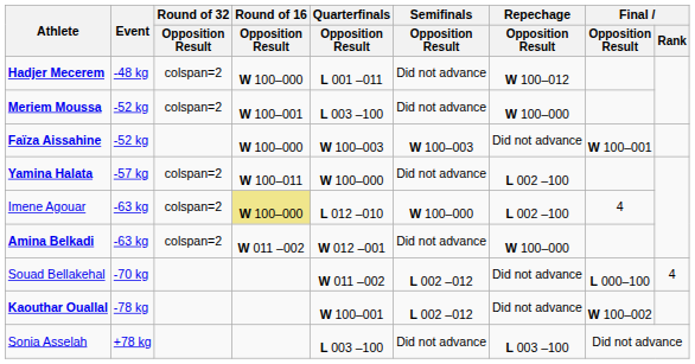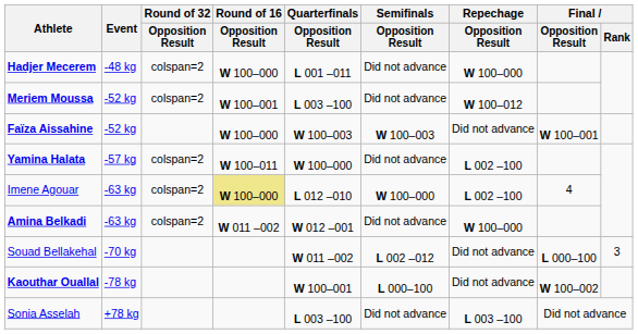 <table class="wikitable" style="font-size:90%">
 <tr>
 <th rowspan="2">Athlete</th>
 <th rowspan="2">Event</th>
 <th>Round of 32</th>
 <th>Round of 16</th>
 <th>Quarterfinals</th>
 <th>Semifinals</th>
 <th>Repechage</th>
 <th colspan=2>Final / </th>
 </tr>
 <tr style="font-size:95%">
 <th>Opposition<br>Result</th>
 <th>Opposition<br>Result</th>
 <th>Opposition<br>Result</th>
 <th>Opposition<br>Result</th>
 <th>Opposition<br>Result</th>
 <th>Opposition<br>Result</th>
 <th>Rank</th>
 </tr>
 <tr align=center>
 <td align=left><strong><a href='#'>Hadjer Mecerem</a></strong></td>
 <td align=left><a href='#'>-48 kg</a></td>
 <td>colspan=2 </td>
 <td><br><strong>W</strong> 100–000</td>
 <td><br><strong>L</strong> 001 –011 </td>
 <td>Did not advance</td>
-<td><br><strong>W</strong> 100–012 </td>
+<td><br><strong>W</strong> 100–000</td>
 <td></td>
 </tr>
 <tr align=center>
 <td align=left><strong><a href='#'>Meriem Moussa</a></strong></td>
 <td align=left><a href='#'>-52 kg</a></td>
 <td>colspan=2 </td>
 <td><br><strong>W</strong> 100–001 </td>
 <td><br><strong>L</strong> 003 –100</td>
 <td>Did not advance</td>
-<td><br><strong>W</strong> 100–000</td>
+<td><br><strong>W</strong> 100–012 </td>
 <td></td>
 </tr>
 <tr align=center>
 <td align=left><strong><a href='#'>Faïza Aissahine</a></strong></td>
 <td align=left><a href='#'>-52 kg</a></td>
 <td></td>
 <td><br><strong>W</strong> 100–000</td>
 <td><br><strong>W</strong> 100–003 </td>
 <td><br><strong>W</strong> 100–003 </td>
 <td>Did not advance</td>
 <td><br><strong>W</strong> 100–001 </td>
 <td></td>
 </tr>
 <tr align=center>
 <td align=left><strong><a href='#'>Yamina Halata</a></strong></td>
 <td align=left><a href='#'>-57 kg</a></td>
 <td>colspan=2 </td>
 <td><br><strong>W</strong> 100–011 </td>
 <td><br><strong>W</strong> 100–000</td>
 <td>Did not advance</td>
 <td><br><strong>L</strong> 002 –100</td>
 <td></td>
 </tr>
 <tr align=center>
 <td align=left><a href='#'>Imene Agouar</a></td>
 <td align=left><a href='#'>-63 kg</a></td>
 <td>colspan=2 </td>
 <td style="background: khaki;"><br><strong>W</strong> 100–000</td>
 <td><br><strong>L</strong> 012 –010 </td>
 <td><br><strong>W</strong> 100–000</td>
 <td><br><strong>L</strong> 002 –100</td>
 <td>4</td>
 </tr>
 <tr align=center>
 <td align=left><strong><a href='#'>Amina Belkadi</a></strong></td>
 <td align=left><a href='#'>-63 kg</a></td>
 <td>colspan=2 </td>
 <td><br><strong>W</strong> 011 –002 </td>
 <td><br><strong>W</strong> 012 –001 </td>
 <td>Did not advance</td>
 <td><br><strong>W</strong> 100–000</td>
 <td></td>
 </tr>
 <tr align=center>
 <td align=left><a href='#'>Souad Bellakehal</a></td>
 <td align=left><a href='#'>-70 kg</a></td>
 <td></td>
 <td></td>
 <td><br><strong>W</strong> 011 –002 </td>
 <td><br><strong>L</strong> 002 –012 </td>
 <td>Did not advance</td>
 <td><br><strong>L</strong> 000–100</td>
-<td>4</td>
+<td>3</td>
 </tr>
 <tr align=center>
 <td align=left><strong><a href='#'>Kaouthar Ouallal</a></strong></td>
 <td align=left><a href='#'>-78 kg</a></td>
 <td></td>
 <td></td>
 <td><br><strong>W</strong> 100–001 </td>
-<td><br><strong>L</strong> 002 –012 </td>
+<td><br><strong>L</strong> 000–100</td>
 <td>Did not advance</td>
 <td><br><strong>W</strong> 100–002 </td>
 <td></td>
 </tr>
 <tr align=center>
 <td align=left><a href='#'>Sonia Asselah</a></td>
 <td align=left><a href='#'>+78 kg</a></td>
 <td></td>
 <td></td>
 <td><br><strong>L</strong> 003 –100</td>
 <td>Did not advance</td>
 <td><br><strong>L</strong> 003 –100</td>
 <td colspan=2>Did not advance</td>
 </tr>
 </table>
